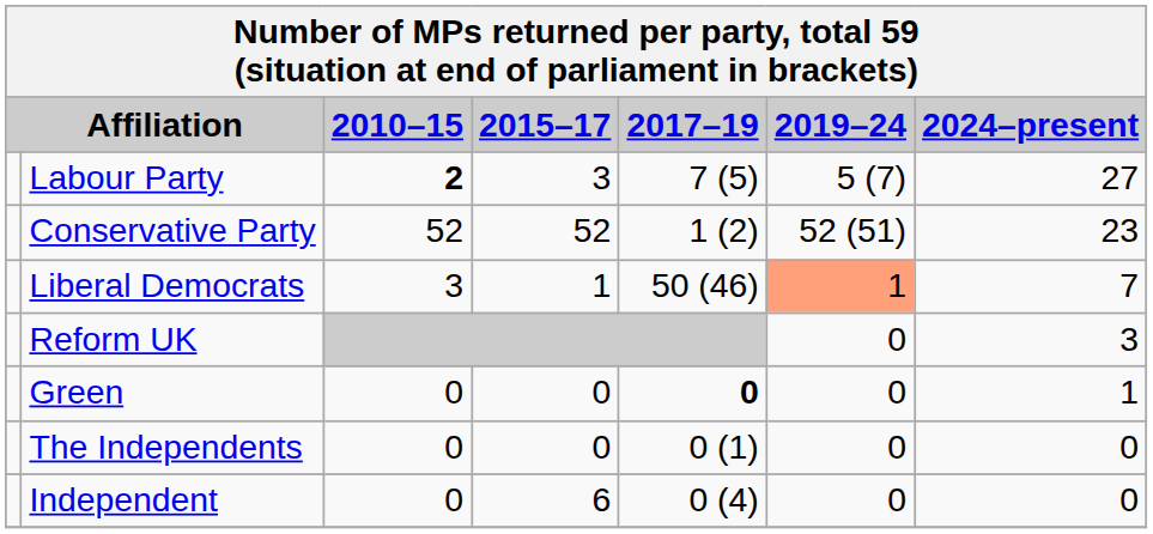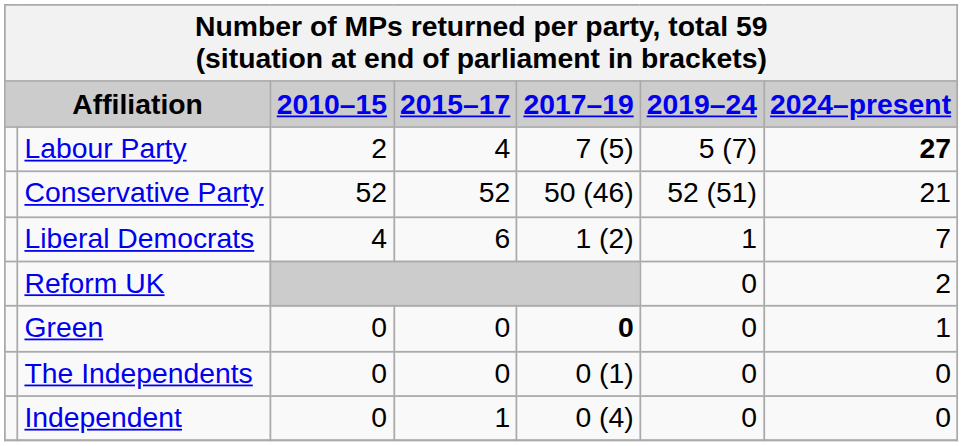 <table class="wikitable">
 <tr>
 <th colspan = 10>Number of MPs returned per party, total 59 <br> (situation at end of parliament in brackets)</th>
 </tr>
 <tr bgcolor="CCCCCC">
 <td colspan="2" rowspan="1" align="center" valign="top"><strong>Affiliation</strong></td>
 <td valign="top"><strong><a href='#'>2010–15</a></strong></td>
 <td valign="top"><strong><a href='#'>2015–17</a></strong></td>
 <td valign="top"><strong><a href='#'>2017–19</a></strong></td>
 <td valign="top"><strong><a href='#'>2019–24</a></strong></td>
 <td valign="top"><strong><a href='#'>2024–present</a></strong></td>
 </tr>
 <tr>
 <td style="color:inherit;background:"></td>
 <td><a href='#'>Labour Party</a></td>
-<td align="right"><strong>2</strong></td>
-<td align="right">3</td>
+<td align="right">2</td>
+<td align="right">4</td>
 <td align="right">7 (5)</td>
 <td align="right">5 (7)</td>
-<td align="right">27</td>
+<td align="right"><strong>27</strong></td>
 </tr>
 <tr>
 <td style="color:inherit;background:"></td>
 <td><a href='#'>Conservative Party</a></td>
 <td align="right">52</td>
 <td align="right">52</td>
-<td align="right">1 (2)</td>
+<td align="right">50 (46)</td>
 <td align="right">52 (51)</td>
-<td align="right">23</td>
+<td align="right">21</td>
 </tr>
 <tr>
 <td style="color:inherit;background:"></td>
 <td><a href='#'>Liberal Democrats</a></td>
-<td align="right">3</td>
+<td align="right">4</td>
+<td align="right">6</td>
+<td align="right">1 (2)</td>
 <td align="right">1</td>
-<td align="right">50 (46)</td>
-<td align="right" style="background: lightsalmon;">1</td>
 <td align="right">7</td>
 </tr>
 <tr>
 <td style="color:inherit;background:"></td>
 <td><a href='#'>Reform UK</a></td>
 <td bgcolor="CCCCCC" colspan="3"></td>
 <td align="right">0</td>
-<td align="right">3</td>
+<td align="right">2</td>
 </tr>
 <tr>
 <td style="color:inherit;background:"></td>
 <td><a href='#'>Green</a></td>
 <td align="right">0</td>
 <td align="right">0</td>
 <td align="right"><strong>0</strong></td>
 <td align="right">0</td>
 <td align="right">1</td>
 </tr>
 <tr>
 <td style="color:inherit;background:"></td>
 <td><a href='#'>The Independents</a></td>
 <td align="right">0</td>
 <td align="right">0</td>
 <td align="right">0 (1)</td>
 <td align="right">0</td>
 <td align="right">0</td>
 </tr>
 <tr>
 <td style="color:inherit;background:"></td>
 <td><a href='#'>Independent</a></td>
 <td align="right">0</td>
-<td align="right">6</td>
+<td align="right">1</td>
 <td align="right">0 (4)</td>
 <td align="right">0</td>
 <td align="right">0</td>
 </tr>
 <tr>
 </tr>
 </table>
